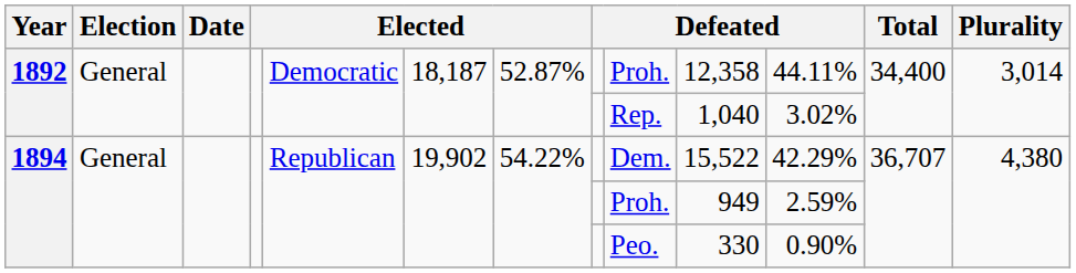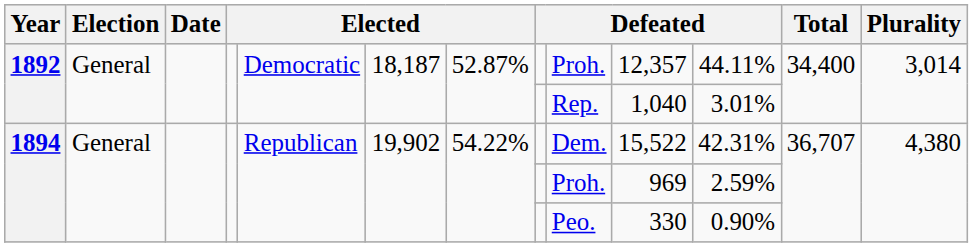 <table class=wikitable>
 <tr>
 <th>Year</th>
 <th>Election</th>
 <th>Date</th>
 <th ! colspan="4">Elected</th>
 <th ! colspan="4">Defeated</th>
 <th>Total</th>
 <th>Plurality</th>
 </tr>
 <tr>
 <th rowspan="2" valign="top"><a href='#'>1892</a></th>
 <td rowspan="2" valign="top">General</td>
 <td rowspan="2" valign="top"></td>
 <td rowspan="2" valign="top"></td>
 <td rowspan="2" valign="top" ><a href='#'>Democratic</a></td>
 <td rowspan="2" valign="top" align="right">18,187</td>
 <td rowspan="2" valign="top" align="right">52.87%</td>
 <td valign="top"></td>
 <td valign="top" ><a href='#'>Proh.</a></td>
-<td valign="top" align="right">12,358</td>
+<td valign="top" align="right">12,357</td>
 <td valign="top" align="right">44.11%</td>
 <td rowspan="2" valign="top" align="right">34,400</td>
 <td rowspan="2" valign="top" align="right">3,014</td>
 </tr>
 <tr>
 <td valign="top"></td>
 <td valign="top" ><a href='#'>Rep.</a></td>
 <td valign="top" align="right">1,040</td>
-<td valign="top" align="right">3.02%</td>
+<td valign="top" align="right">3.01%</td>
 </tr>
 <tr>
 <th rowspan="3" valign="top"><a href='#'>1894</a></th>
 <td rowspan="3" valign="top">General</td>
 <td rowspan="3" valign="top"></td>
 <td rowspan="3" valign="top"></td>
 <td rowspan="3" valign="top" ><a href='#'>Republican</a></td>
 <td rowspan="3" valign="top" align="right">19,902</td>
 <td rowspan="3" valign="top" align="right">54.22%</td>
 <td valign="top"></td>
 <td valign="top" ><a href='#'>Dem.</a></td>
 <td valign="top" align="right">15,522</td>
-<td valign="top" align="right">42.29%</td>
+<td valign="top" align="right">42.31%</td>
 <td rowspan="3" valign="top" align="right">36,707</td>
 <td rowspan="3" valign="top" align="right">4,380</td>
 </tr>
 <tr>
 <td valign="top"></td>
 <td valign="top" ><a href='#'>Proh.</a></td>
-<td valign="top" align="right">949</td>
+<td valign="top" align="right">969</td>
 <td valign="top" align="right">2.59%</td>
 </tr>
 <tr>
 <td valign="top"></td>
 <td valign="top" ><a href='#'>Peo.</a></td>
 <td valign="top" align="right">330</td>
 <td valign="top" align="right">0.90%</td>
 </tr>
 </table>
